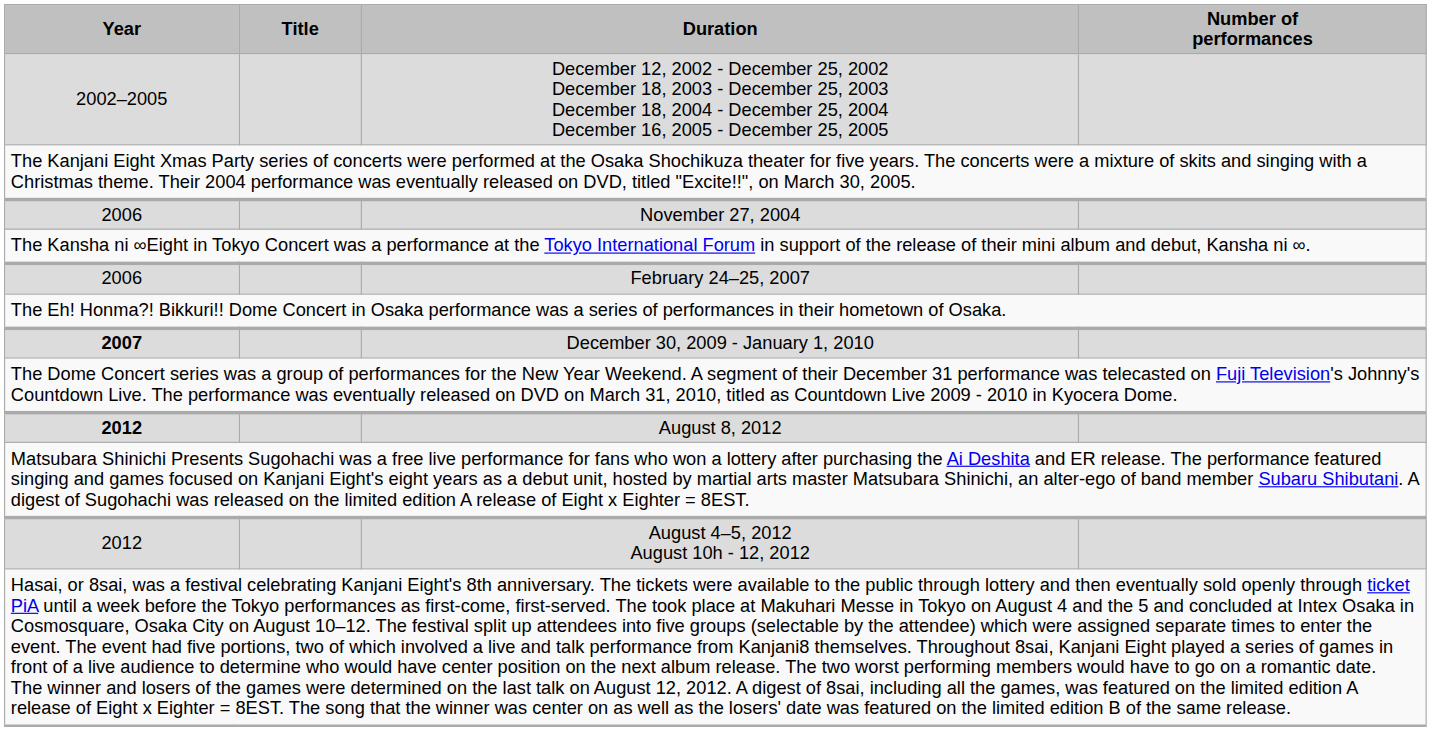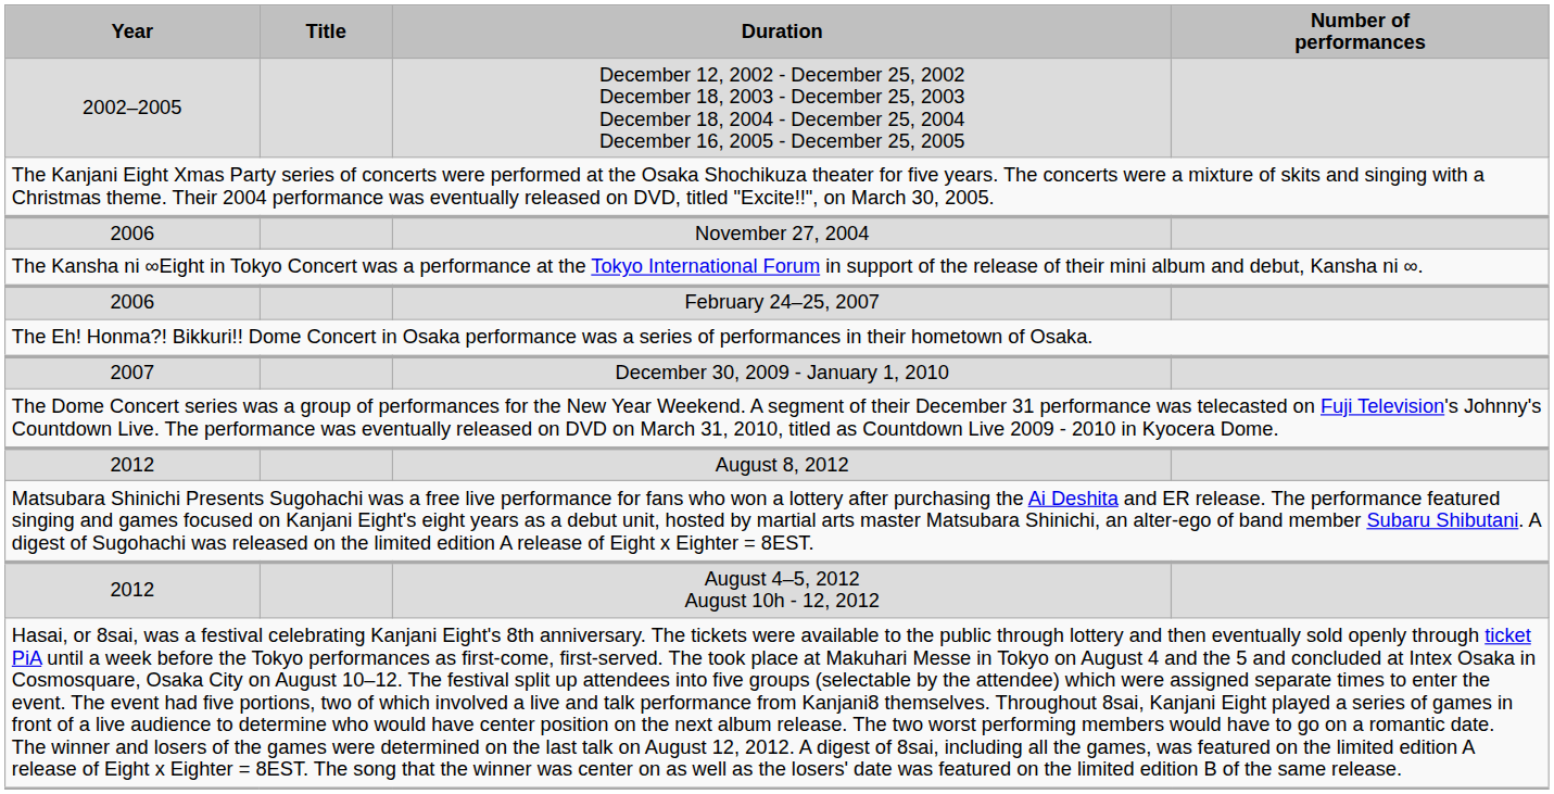 <table class="wikitable">
 <tr>
 <th style="background-color: #C0C0C0;">Year</th>
 <th style="background-color: #C0C0C0;">Title</th>
 <th style="background-color: #C0C0C0;">Duration</th>
 <th style="background-color: #C0C0C0;">Number of<br>performances</th>
 </tr>
 <tr>
 <td style="background-color: #DCDCDC;" align="center">2002–2005</td>
 <td style="background-color: #DCDCDC;" align="center"></td>
 <td style="background-color: #DCDCDC;" align="center">December 12, 2002 - December 25, 2002<br>December 18, 2003 - December 25, 2003<br>December 18, 2004 - December 25, 2004<br>December 16, 2005 - December 25, 2005</td>
 <td style="background-color: #DCDCDC;"></td>
 </tr>
 <tr>
 <td colspan="4" style="border-bottom-width:3px; padding:5px;">The Kanjani Eight Xmas Party series of concerts were performed at the Osaka Shochikuza theater for five years. The concerts were a mixture of skits and singing with a Christmas theme. Their 2004 performance was eventually released on DVD, titled "Excite!!", on March 30, 2005.</td>
 </tr>
 <tr>
 <td style="background-color: #DCDCDC;" align="center">2006</td>
 <td style="background-color: #DCDCDC;" align="center"></td>
 <td style="background-color: #DCDCDC;" align="center">November 27, 2004</td>
 <td style="background-color: #DCDCDC;"></td>
 </tr>
 <tr>
 <td colspan="4" style="border-bottom-width:3px; padding:5px;">The Kansha ni ∞Eight in Tokyo Concert was a performance at the <a href='#'>Tokyo International Forum</a> in support of the release of their mini album and debut, Kansha ni ∞.</td>
 </tr>
 <tr>
 <td style="background-color: #DCDCDC;" align="center">2006</td>
 <td style="background-color: #DCDCDC;" align="center"></td>
 <td style="background-color: #DCDCDC;" align="center">February 24–25, 2007</td>
 <td style="background-color: #DCDCDC;"></td>
 </tr>
 <tr>
 <td colspan="4" style="border-bottom-width:3px; padding:5px;">The Eh! Honma?! Bikkuri!! Dome Concert in Osaka performance was a series of performances in their hometown of Osaka.</td>
 </tr>
 <tr>
-<td style="background-color: #DCDCDC;" align="center"><strong>2007</strong></td>
+<td style="background-color: #DCDCDC;" align="center">2007</td>
 <td style="background-color: #DCDCDC;" align="center"></td>
 <td style="background-color: #DCDCDC;" align="center">December 30, 2009 - January 1, 2010</td>
 <td style="background-color: #DCDCDC;"></td>
 </tr>
 <tr>
 <td colspan="4" style="border-bottom-width:3px; padding:5px;">The Dome Concert series was a group of performances for the New Year Weekend. A segment of their December 31 performance was telecasted on <a href='#'>Fuji Television</a>'s Johnny's Countdown Live. The performance was eventually released on DVD on March 31, 2010, titled as Countdown Live 2009 - 2010 in Kyocera Dome.</td>
 </tr>
 <tr>
-<td style="background-color: #DCDCDC;" align="center"><strong>2012</strong></td>
+<td style="background-color: #DCDCDC;" align="center">2012</td>
 <td style="background-color: #DCDCDC;" align="center"></td>
 <td style="background-color: #DCDCDC;" align="center">August 8, 2012</td>
 <td style="background-color: #DCDCDC;"></td>
 </tr>
 <tr>
 <td colspan="4" style="border-bottom-width:3px; padding:5px;">Matsubara Shinichi Presents Sugohachi was a free live performance for fans who won a lottery after purchasing the <a href='#'>Ai Deshita</a> and ER release. The performance featured singing and games focused on Kanjani Eight's eight years as a debut unit, hosted by martial arts master Matsubara Shinichi, an alter-ego of band member <a href='#'>Subaru Shibutani</a>. A digest of Sugohachi was released on the limited edition A release of Eight x Eighter = 8EST.</td>
 </tr>
 <tr>
 <td style="background-color: #DCDCDC;" align="center">2012</td>
 <td style="background-color: #DCDCDC;" align="center"></td>
 <td style="background-color: #DCDCDC;" align="center">August 4–5, 2012<br>August 10h - 12, 2012</td>
 <td style="background-color: #DCDCDC;"></td>
 </tr>
 <tr>
 <td colspan="4" style="border-bottom-width:3px; padding:5px;">Hasai, or 8sai, was a festival celebrating Kanjani Eight's 8th anniversary. The tickets were available to the public through lottery and then eventually sold openly through <a href='#'>ticket PiA</a> until a week before the Tokyo performances as first-come, first-served. The took place at Makuhari Messe in Tokyo on August 4 and the 5 and concluded at Intex Osaka in Cosmosquare, Osaka City on August 10–12. The festival split up attendees into five groups (selectable by the attendee) which were assigned separate times to enter the event. The event had five portions, two of which involved a live and talk performance from Kanjani8 themselves. Throughout 8sai, Kanjani Eight played a series of games in front of a live audience to determine who would have center position on the next album release. The two worst performing members would have to go on a romantic date.<br>The winner and losers of the games were determined on the last talk on August 12, 2012. A digest of 8sai, including all the games, was featured on the limited edition A release of Eight x Eighter = 8EST. The song that the winner was center on as well as the losers' date was featured on the limited edition B of the same release.</td>
 </tr>
 </table>
